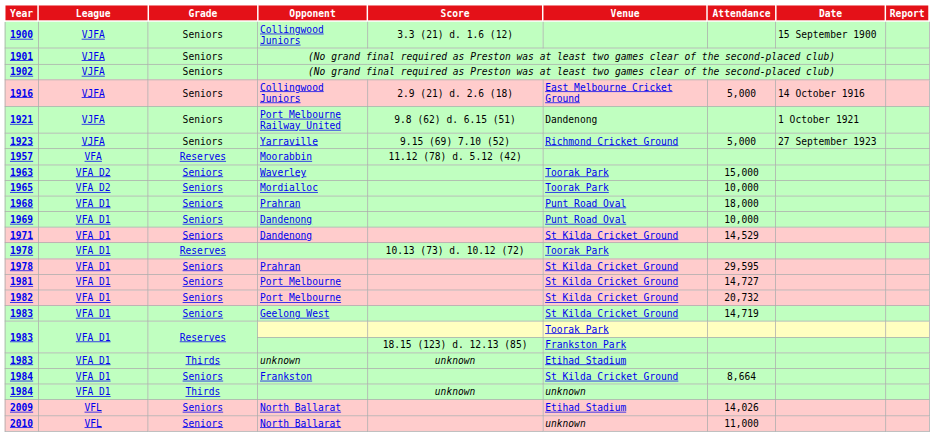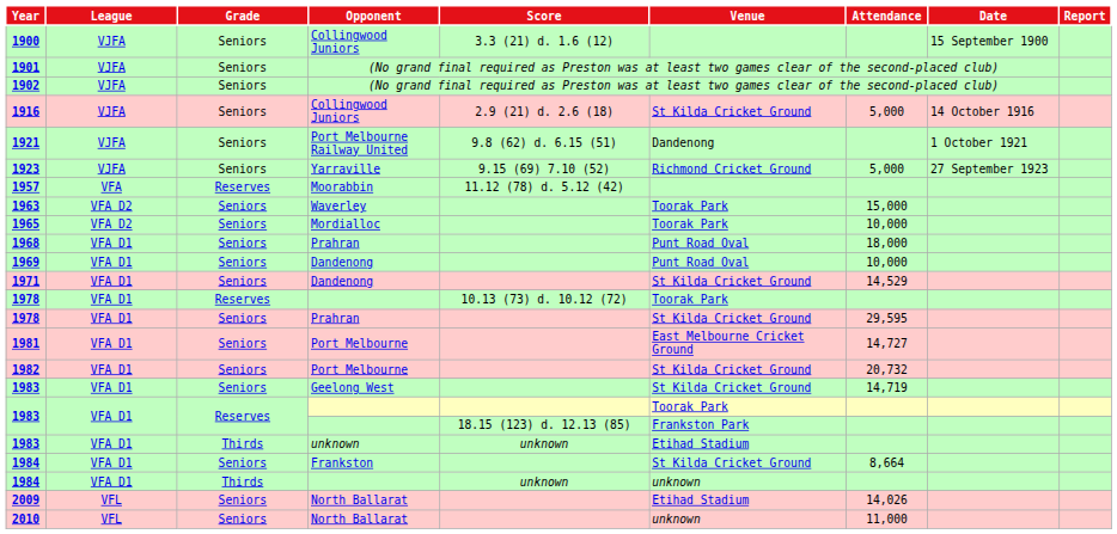 <table class="wikitable" style="text-align:center; text-valign:center">
 <tr>
 <th style="background:#E41118; color:#FFFFFF; border:solid #FFFFFF 2px"; width=3%>Year</th>
 <th style="background:#E41118; color:#FFFFFF; border:solid #FFFFFF 2px"; width=10%>League</th>
 <th style="background:#E41118; color:#FFFFFF; border:solid #FFFFFF 2px"; width=10%>Grade</th>
 <th style="background:#E41118; color:#FFFFFF; border:solid #FFFFFF 2px"; width=10%>Opponent</th>
 <th style="background:#E41118; color:#FFFFFF; border:solid #FFFFFF 2px"; width=16%>Score</th>
 <th style="background:#E41118; color:#FFFFFF; border:solid #FFFFFF 2px"; width=15%>Venue</th>
 <th style="background:#E41118; color:#FFFFFF; border:solid #FFFFFF 2px"; width=3%>Attendance</th>
 <th style="background:#E41118; color:#FFFFFF; border:solid #FFFFFF 2px"; width=10%>Date</th>
 <th style="background:#E41118; color:#FFFFFF; border:solid #FFFFFF 2px"; width=2%>Report</th>
 </tr>
 <tr style="background:#C0FFC0;">
 <td><strong><a href='#'>1900</a></strong></td>
 <td><a href='#'>VJFA</a></td>
 <td>Seniors</td>
 <td align=left><a href='#'>Collingwood Juniors</a></td>
 <td>3.3 (21) d. 1.6 (12)</td>
 <td align=left></td>
 <td></td>
 <td align=left>15 September 1900</td>
 <td></td>
 </tr>
 <tr style="background:#C0FFC0;">
 <td><strong><a href='#'>1901</a></strong></td>
 <td><a href='#'>VJFA</a></td>
 <td>Seniors</td>
 <td colspan="5"><em>(No grand final required as Preston was at least two games clear of the second-placed club)</em></td>
 <td></td>
 </tr>
 <tr style="background:#C0FFC0;">
 <td><strong><a href='#'>1902</a></strong></td>
 <td><a href='#'>VJFA</a></td>
 <td>Seniors</td>
 <td colspan="5"><em>(No grand final required as Preston was at least two games clear of the second-placed club)</em></td>
 <td></td>
 </tr>
 <tr style="background:#fcc;">
 <td><strong><a href='#'>1916</a></strong></td>
 <td><a href='#'>VJFA</a></td>
 <td>Seniors</td>
 <td align=left><a href='#'>Collingwood Juniors</a></td>
 <td>2.9 (21) d. 2.6 (18)</td>
-<td align=left><a href='#'>East Melbourne Cricket Ground</a></td>
+<td align=left><a href='#'>St Kilda Cricket Ground</a></td>
 <td>5,000</td>
 <td align=left>14 October 1916</td>
 <td></td>
 </tr>
 <tr style="background:#C0FFC0;">
 <td><strong><a href='#'>1921</a></strong></td>
 <td><a href='#'>VJFA</a></td>
 <td>Seniors</td>
 <td align=left><a href='#'>Port Melbourne Railway United</a></td>
 <td>9.8 (62) d. 6.15 (51)</td>
 <td align=left>Dandenong</td>
 <td></td>
 <td align=left>1 October 1921</td>
 <td></td>
 </tr>
 <tr style="background:#C0FFC0;">
 <td><strong><a href='#'>1923</a></strong></td>
 <td><a href='#'>VJFA</a></td>
 <td>Seniors</td>
 <td align=left><a href='#'>Yarraville</a></td>
 <td>9.15 (69) 7.10 (52)</td>
 <td align=left><a href='#'>Richmond Cricket Ground</a></td>
 <td>5,000</td>
 <td align=left>27 September 1923</td>
 <td></td>
 </tr>
 <tr style="background:#C0FFC0;">
 <td><strong><a href='#'>1957</a></strong></td>
 <td><a href='#'>VFA</a></td>
 <td><a href='#'>Reserves</a></td>
 <td align=left><a href='#'>Moorabbin</a></td>
 <td>11.12 (78) d. 5.12 (42)</td>
 <td align=left></td>
 <td></td>
 <td align=left></td>
 <td></td>
 </tr>
 <tr style="background:#C0FFC0;">
 <td><strong><a href='#'>1963</a></strong></td>
 <td><a href='#'>VFA D2</a></td>
 <td><a href='#'>Seniors</a></td>
 <td align=left><a href='#'>Waverley</a></td>
 <td></td>
 <td align=left><a href='#'>Toorak Park</a></td>
 <td>15,000</td>
 <td align=left></td>
 <td></td>
 </tr>
 <tr style="background:#C0FFC0;">
 <td><strong><a href='#'>1965</a></strong></td>
 <td><a href='#'>VFA D2</a></td>
 <td><a href='#'>Seniors</a></td>
 <td align=left><a href='#'>Mordialloc</a></td>
 <td></td>
 <td align=left><a href='#'>Toorak Park</a></td>
 <td>10,000</td>
 <td align=left></td>
 <td></td>
 </tr>
 <tr style="background:#C0FFC0;">
 <td><strong><a href='#'>1968</a></strong></td>
 <td><a href='#'>VFA D1</a></td>
 <td><a href='#'>Seniors</a></td>
 <td align=left><a href='#'>Prahran</a></td>
 <td></td>
 <td align=left><a href='#'>Punt Road Oval</a></td>
 <td>18,000</td>
 <td align=left></td>
 <td></td>
 </tr>
 <tr style="background:#C0FFC0;">
 <td><strong><a href='#'>1969</a></strong></td>
 <td><a href='#'>VFA D1</a></td>
 <td><a href='#'>Seniors</a></td>
 <td align=left><a href='#'>Dandenong</a></td>
 <td></td>
 <td align=left><a href='#'>Punt Road Oval</a></td>
 <td>10,000</td>
 <td align=left></td>
 <td></td>
 </tr>
 <tr style="background:#fcc;">
 <td><strong><a href='#'>1971</a></strong></td>
 <td><a href='#'>VFA D1</a></td>
 <td><a href='#'>Seniors</a></td>
 <td align=left><a href='#'>Dandenong</a></td>
 <td></td>
 <td align=left><a href='#'>St Kilda Cricket Ground</a></td>
 <td>14,529</td>
 <td align=left></td>
 <td></td>
 </tr>
 <tr style="background:#C0FFC0;">
 <td><strong><a href='#'>1978</a></strong></td>
 <td><a href='#'>VFA D1</a></td>
 <td><a href='#'>Reserves</a></td>
 <td align=left></td>
 <td>10.13 (73) d. 10.12 (72)</td>
 <td align=left><a href='#'>Toorak Park</a></td>
 <td></td>
 <td align=left></td>
 <td></td>
 </tr>
 <tr style="background:#fcc;">
 <td><strong><a href='#'>1978</a></strong></td>
 <td><a href='#'>VFA D1</a></td>
 <td><a href='#'>Seniors</a></td>
 <td align=left><a href='#'>Prahran</a></td>
 <td></td>
 <td align=left><a href='#'>St Kilda Cricket Ground</a></td>
 <td>29,595</td>
 <td align=left></td>
 <td></td>
 </tr>
 <tr style="background:#fcc;">
 <td><strong><a href='#'>1981</a></strong></td>
 <td><a href='#'>VFA D1</a></td>
 <td><a href='#'>Seniors</a></td>
 <td align=left><a href='#'>Port Melbourne</a></td>
 <td></td>
-<td align=left><a href='#'>St Kilda Cricket Ground</a></td>
+<td align=left><a href='#'>East Melbourne Cricket Ground</a></td>
 <td>14,727</td>
 <td align=left></td>
 <td></td>
 </tr>
 <tr style="background:#fcc;">
 <td><strong><a href='#'>1982</a></strong></td>
 <td><a href='#'>VFA D1</a></td>
 <td><a href='#'>Seniors</a></td>
 <td align=left><a href='#'>Port Melbourne</a></td>
 <td></td>
 <td align=left><a href='#'>St Kilda Cricket Ground</a></td>
 <td>20,732</td>
 <td align=left></td>
 <td></td>
 </tr>
 <tr style="background:#C0FFC0;">
 <td><strong><a href='#'>1983</a></strong></td>
 <td><a href='#'>VFA D1</a></td>
 <td><a href='#'>Seniors</a></td>
 <td align=left><a href='#'>Geelong West</a></td>
 <td></td>
 <td align=left><a href='#'>St Kilda Cricket Ground</a></td>
 <td>14,719</td>
 <td align=left></td>
 <td></td>
 </tr>
 <tr>
 <td style="background:#C0FFC0;" rowspan="2"><strong><a href='#'>1983</a></strong></td>
 <td style="background:#C0FFC0;" rowspan="2"><a href='#'>VFA D1</a></td>
 <td style="background:#C0FFC0;" rowspan="2"><a href='#'>Reserves</a></td>
 <td style=background:#FFFFC0; align=left></td>
 <td style=background:#FFFFC0;></td>
 <td style=background:#FFFFC0; align=left><a href='#'>Toorak Park</a></td>
 <td style=background:#FFFFC0></td>
 <td style=background:#FFFFC0; align=left></td>
 <td style=background:#FFFFC0></td>
 </tr>
 <tr>
 <td style=background:#C0FFC0; align=left></td>
 <td style=background:#C0FFC0>18.15 (123) d. 12.13 (85)</td>
 <td style=background:#C0FFC0; align=left><a href='#'>Frankston Park</a></td>
 <td style=background:#C0FFC0></td>
 <td style=background:#C0FFC0; align=left></td>
 <td style=background:#C0FFC0></td>
 </tr>
 <tr style="background:#C0FFC0;">
 <td><strong><a href='#'>1983</a></strong></td>
 <td><a href='#'>VFA D1</a></td>
 <td><a href='#'>Thirds</a></td>
 <td align=left><em>unknown</em></td>
 <td><em>unknown</em></td>
 <td align=left><a href='#'>Etihad Stadium</a></td>
 <td></td>
 <td align=left></td>
 <td></td>
 </tr>
 <tr style="background:#C0FFC0;">
 <td><strong><a href='#'>1984</a></strong></td>
 <td><a href='#'>VFA D1</a></td>
 <td><a href='#'>Seniors</a></td>
 <td align=left><a href='#'>Frankston</a></td>
 <td></td>
 <td align=left><a href='#'>St Kilda Cricket Ground</a></td>
 <td>8,664</td>
 <td align=left></td>
 <td></td>
 </tr>
 <tr style="background:#C0FFC0;">
 <td><strong><a href='#'>1984</a></strong></td>
 <td><a href='#'>VFA D1</a></td>
 <td><a href='#'>Thirds</a></td>
 <td align=left></td>
 <td><em>unknown</em></td>
 <td align=left><em>unknown</em></td>
 <td></td>
 <td align=left></td>
 <td></td>
 </tr>
 <tr style="background:#fcc;">
 <td><strong><a href='#'>2009</a></strong></td>
 <td><a href='#'>VFL</a></td>
 <td><a href='#'>Seniors</a></td>
 <td align=left><a href='#'>North Ballarat</a></td>
 <td></td>
 <td align=left><a href='#'>Etihad Stadium</a></td>
 <td>14,026</td>
 <td align=left></td>
 <td></td>
 </tr>
 <tr style="background:#fcc;">
 <td><strong><a href='#'>2010</a></strong></td>
 <td><a href='#'>VFL</a></td>
 <td><a href='#'>Seniors</a></td>
 <td align=left><a href='#'>North Ballarat</a></td>
 <td></td>
 <td align=left><em>unknown</em></td>
 <td>11,000</td>
 <td align=left></td>
 <td></td>
 </tr>
 </table>
